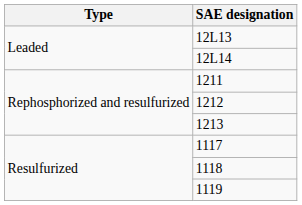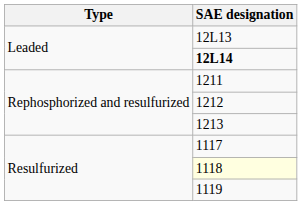 <table class="wikitable">
 <tr>
 <th>Type</th>
 <th>SAE designation</th>
 </tr>
 <tr>
 <td rowspan=2>Leaded</td>
 <td>12L13</td>
 </tr>
 <tr>
-<td>12L14</td>
+<td><strong>12L14</strong></td>
 </tr>
 <tr>
 <td rowspan=3>Rephosphorized and resulfurized</td>
 <td>1211</td>
 </tr>
 <tr>
 <td>1212</td>
 </tr>
 <tr>
 <td>1213</td>
 </tr>
 <tr>
 <td rowspan=3>Resulfurized</td>
 <td>1117</td>
 </tr>
 <tr>
-<td>1118</td>
+<td style="background: lightyellow;">1118</td>
 </tr>
 <tr>
 <td>1119</td>
 </tr>
 </table>
